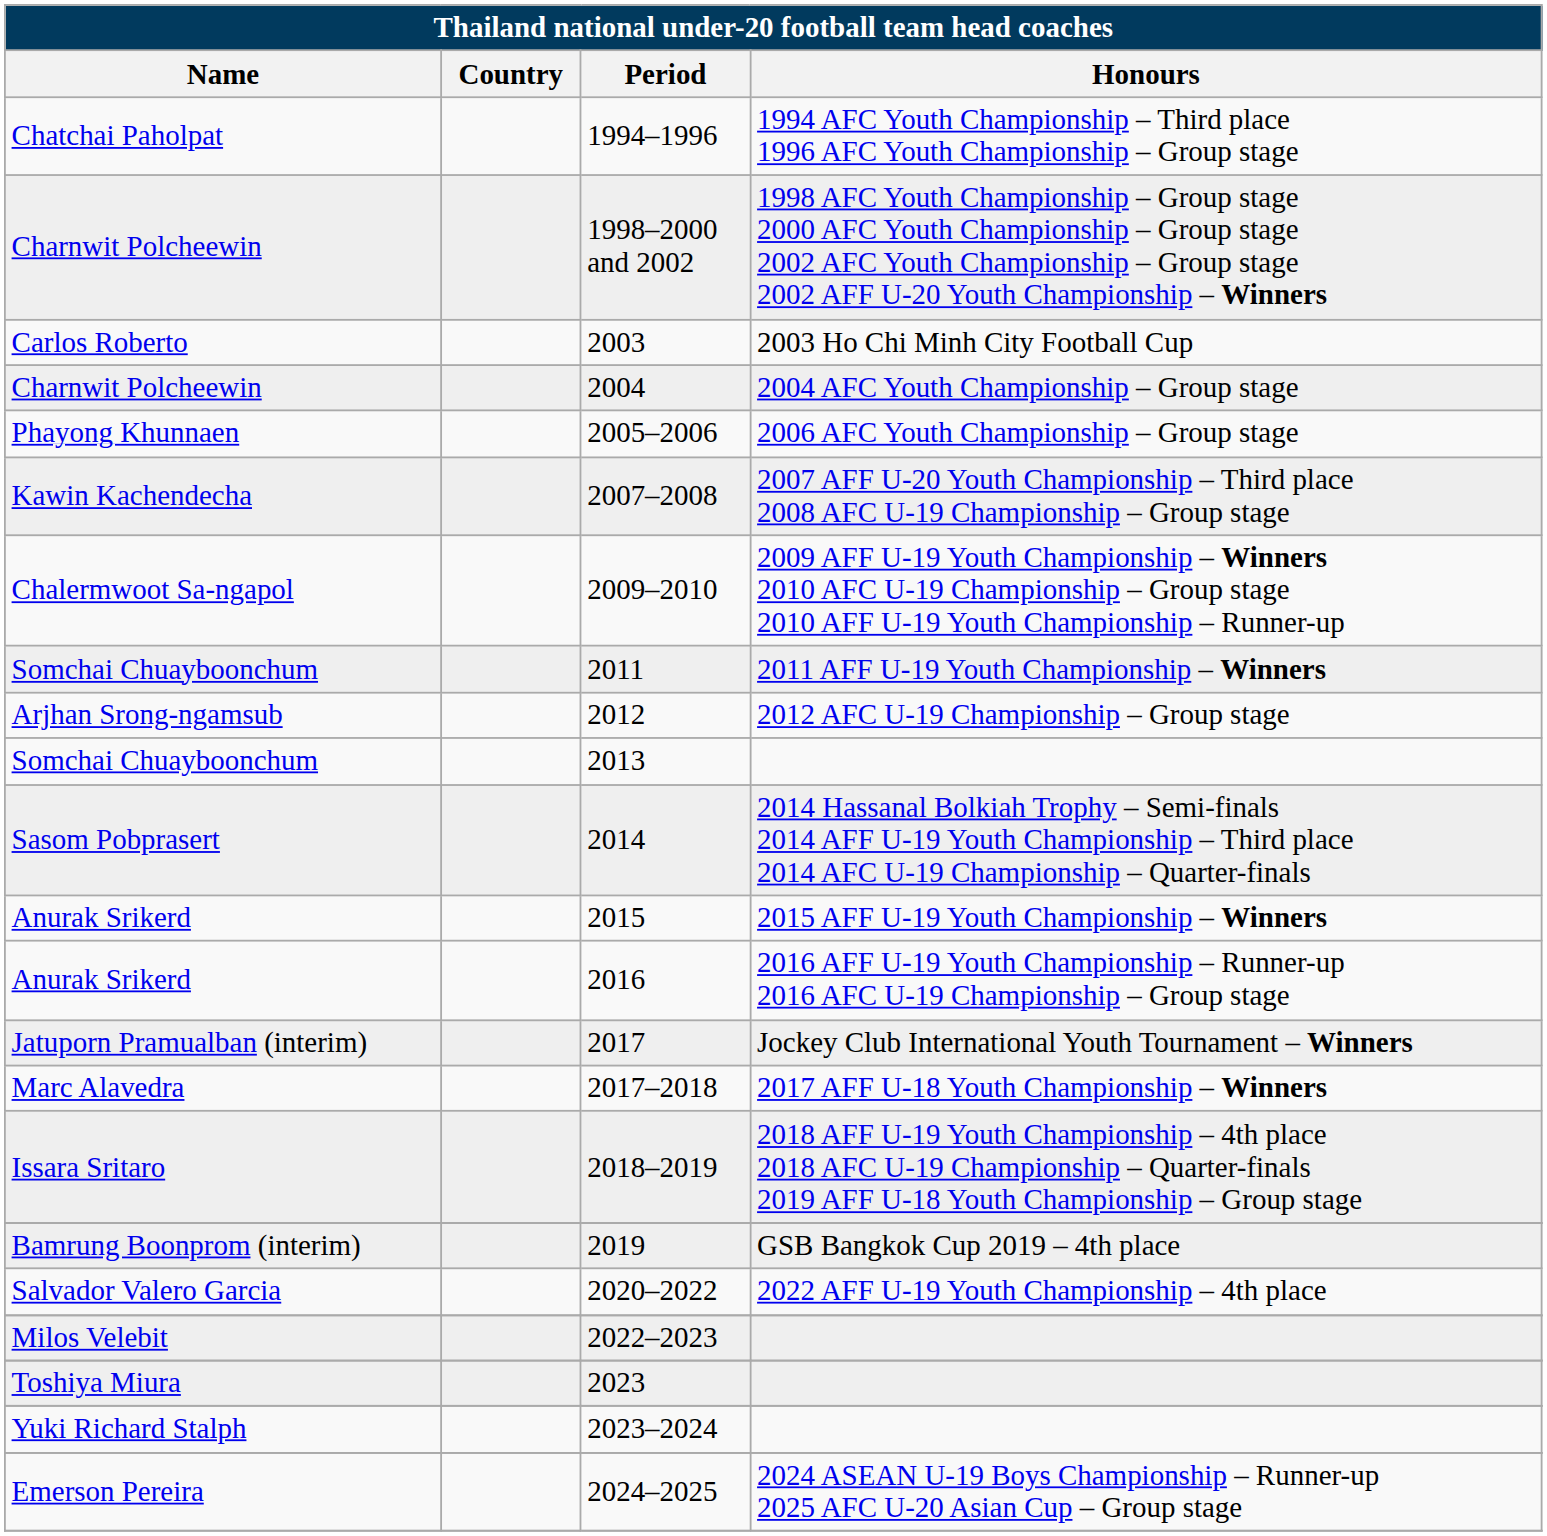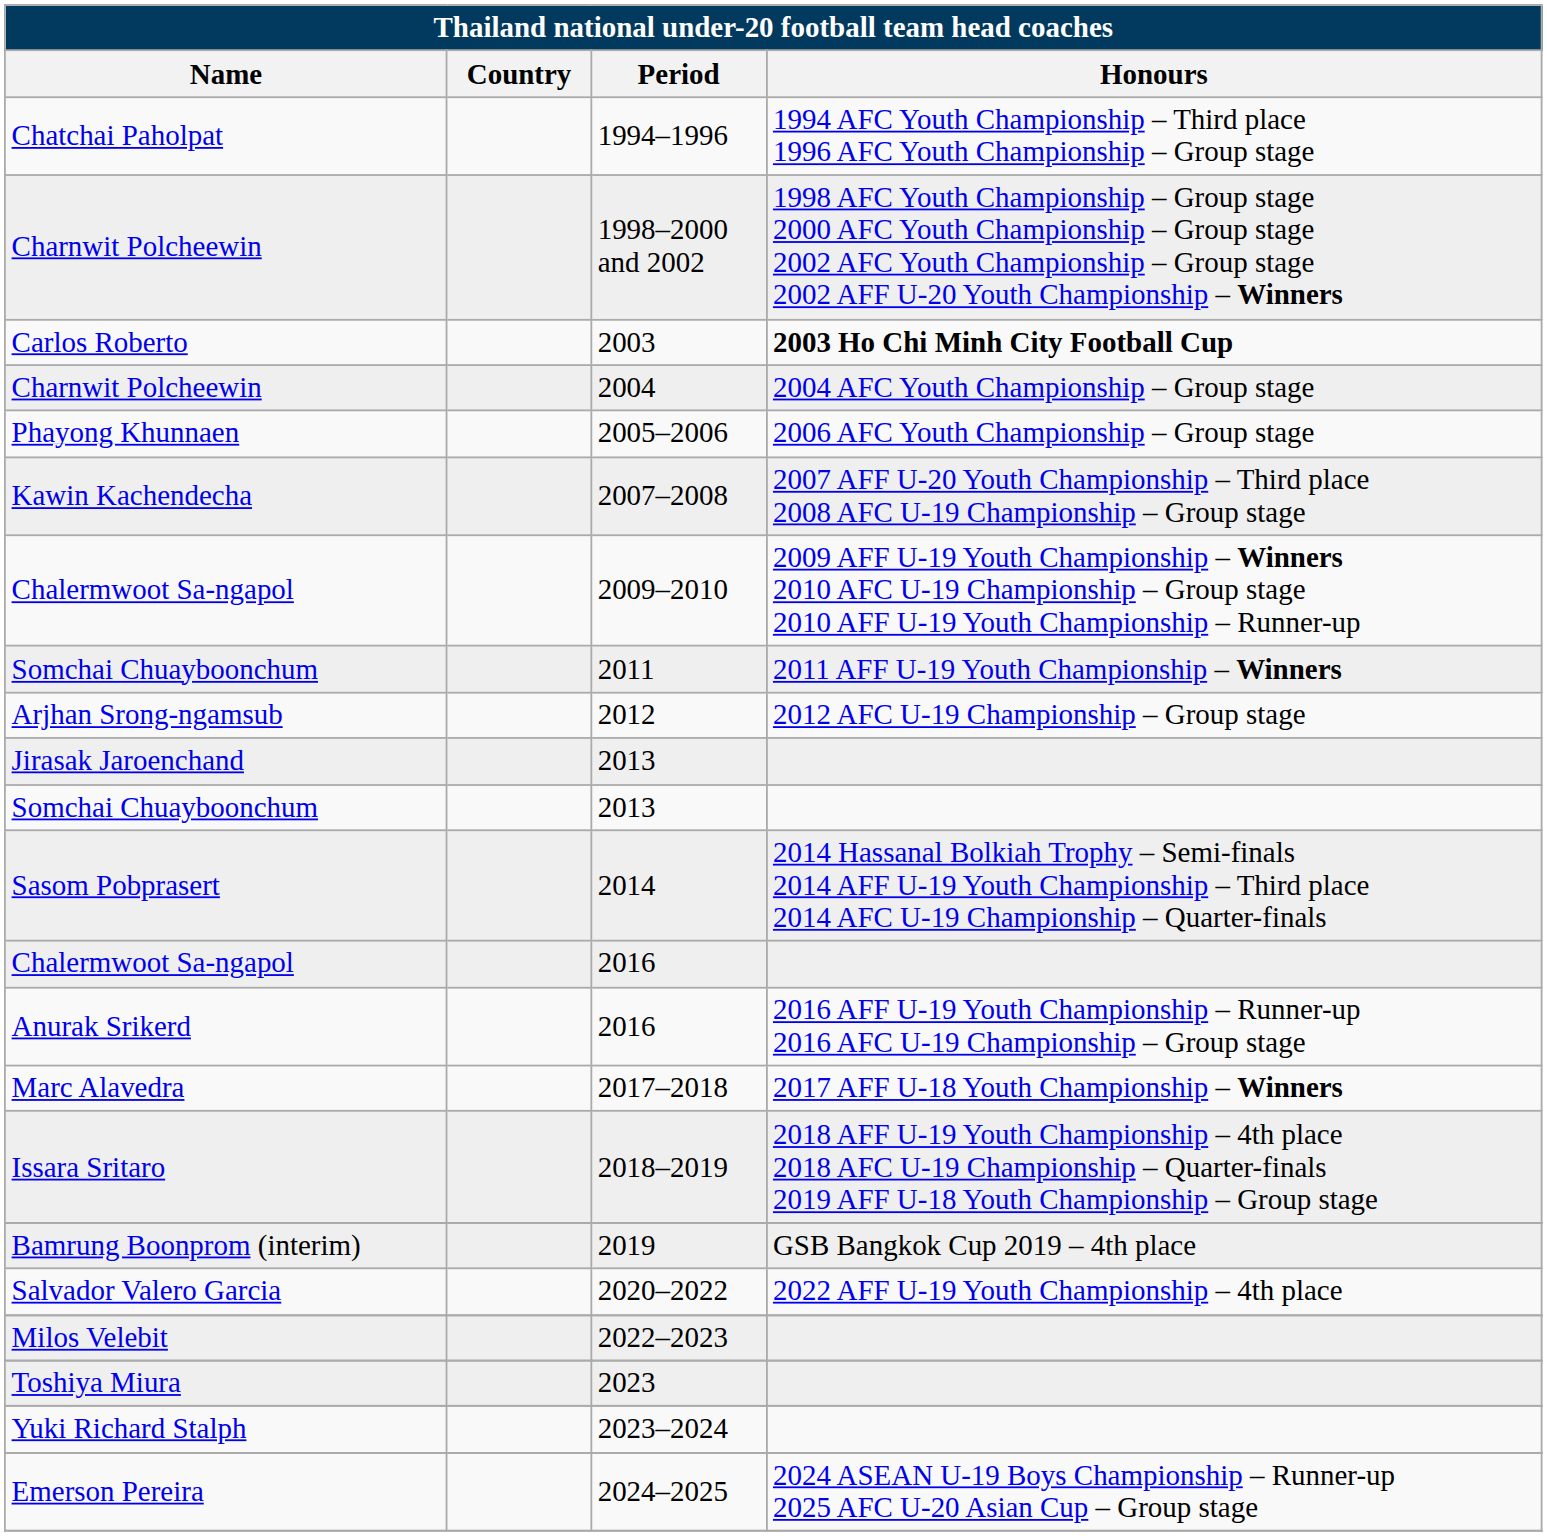 <table class="wikitable" style="width: 850px">
 <tr>
 <th colspan=4 style="background: #013A5E; color: #FFFFFF;">Thailand national under-20 football team head coaches</th>
 </tr>
 <tr>
 <th>Name</th>
 <th>Country</th>
 <th>Period</th>
 <th>Honours</th>
 </tr>
 <tr>
 <td><a href='#'>Chatchai Paholpat</a></td>
 <td></td>
 <td>1994–1996</td>
 <td><a href='#'>1994 AFC Youth Championship</a> – Third place <br> <a href='#'>1996 AFC Youth Championship</a> – Group stage</td>
 </tr>
 <tr bgcolor="#EFEFEF">
 <td><a href='#'>Charnwit Polcheewin</a></td>
 <td></td>
 <td>1998–2000 <br>and 2002</td>
 <td><a href='#'>1998 AFC Youth Championship</a> – Group stage <br> <a href='#'>2000 AFC Youth Championship</a> – Group stage <br> <a href='#'>2002 AFC Youth Championship</a> – Group stage <br> <a href='#'>2002 AFF U-20 Youth Championship</a> – <strong>Winners</strong></td>
 </tr>
 <tr>
 <td><a href='#'>Carlos Roberto</a></td>
 <td></td>
 <td>2003</td>
-<td>2003 Ho Chi Minh City Football Cup</td>
+<td><strong>2003 Ho Chi Minh City Football Cup</strong></td>
 </tr>
 <tr bgcolor="#EFEFEF">
 <td><a href='#'>Charnwit Polcheewin</a></td>
 <td></td>
 <td>2004</td>
 <td><a href='#'>2004 AFC Youth Championship</a> – Group stage</td>
 </tr>
 <tr>
 <td><a href='#'>Phayong Khunnaen</a></td>
 <td></td>
 <td>2005–2006</td>
 <td><a href='#'>2006 AFC Youth Championship</a> – Group stage</td>
 </tr>
 <tr bgcolor="#EFEFEF">
 <td><a href='#'>Kawin Kachendecha</a></td>
 <td></td>
 <td>2007–2008</td>
 <td><a href='#'>2007 AFF U-20 Youth Championship</a> – Third place <br> <a href='#'>2008 AFC U-19 Championship</a> – Group stage</td>
 </tr>
 <tr>
 <td><a href='#'>Chalermwoot Sa-ngapol</a></td>
 <td></td>
 <td>2009–2010</td>
 <td><a href='#'>2009 AFF U-19 Youth Championship</a> – <strong>Winners</strong> <br> <a href='#'>2010 AFC U-19 Championship</a> – Group stage <br> <a href='#'>2010 AFF U-19 Youth Championship</a> – Runner-up</td>
 </tr>
 <tr bgcolor="#EFEFEF">
 <td><a href='#'>Somchai Chuayboonchum</a></td>
 <td></td>
 <td>2011</td>
 <td><a href='#'>2011 AFF U-19 Youth Championship</a> – <strong>Winners</strong></td>
 </tr>
 <tr>
 <td><a href='#'>Arjhan Srong-ngamsub</a></td>
 <td></td>
 <td>2012</td>
 <td><a href='#'>2012 AFC U-19 Championship</a> – Group stage</td>
 </tr>
+<tr bgcolor="#EFEFEF">
+<td><a href='#'>Jirasak Jaroenchand</a></td>
+<td></td>
+<td>2013</td>
+<td></td>
+</tr>
 <tr>
 <td><a href='#'>Somchai Chuayboonchum</a></td>
 <td></td>
 <td>2013</td>
 <td></td>
 </tr>
 <tr bgcolor="#EFEFEF">
 <td><a href='#'>Sasom Pobprasert</a></td>
 <td></td>
 <td>2014</td>
 <td><a href='#'>2014 Hassanal Bolkiah Trophy</a> – Semi-finals <br> <a href='#'>2014 AFF U-19 Youth Championship</a> – Third place <br> <a href='#'>2014 AFC U-19 Championship</a> – Quarter-finals</td>
 </tr>
-<tr>
-<td><a href='#'>Anurak Srikerd</a></td>
+<tr bgcolor="#EFEFEF">
+<td><a href='#'>Chalermwoot Sa-ngapol</a></td>
 <td></td>
-<td>2015</td>
-<td><a href='#'>2015 AFF U-19 Youth Championship</a> – <strong>Winners</strong></td>
+<td>2016</td>
+<td></td>
 </tr>
 <tr>
 <td><a href='#'>Anurak Srikerd</a></td>
 <td></td>
 <td>2016</td>
 <td><a href='#'>2016 AFF U-19 Youth Championship</a> – Runner-up<br> <a href='#'>2016 AFC U-19 Championship</a> – Group stage</td>
-</tr>
-<tr bgcolor="#EFEFEF">
-<td><a href='#'>Jatuporn Pramualban</a> (interim)</td>
-<td></td>
-<td>2017</td>
-<td>Jockey Club International Youth Tournament – <strong>Winners</strong></td>
 </tr>
 <tr>
 <td><a href='#'>Marc Alavedra</a></td>
 <td></td>
 <td>2017–2018</td>
 <td><a href='#'>2017 AFF U-18 Youth Championship</a> – <strong>Winners</strong></td>
 </tr>
 <tr bgcolor="#EFEFEF">
 <td><a href='#'>Issara Sritaro</a></td>
 <td></td>
 <td>2018–2019</td>
 <td><a href='#'>2018 AFF U-19 Youth Championship</a>  – 4th place <br> <a href='#'>2018 AFC U-19 Championship</a> – Quarter-finals <br> <a href='#'>2019 AFF U-18 Youth Championship</a> – Group stage</td>
 </tr>
 <tr>
 </tr>
 <tr bgcolor="#EFEFEF">
 <td><a href='#'>Bamrung Boonprom</a> (interim)</td>
 <td></td>
 <td>2019</td>
 <td>GSB Bangkok Cup 2019 – 4th place</td>
 </tr>
 <tr>
 <td><a href='#'>Salvador Valero Garcia</a></td>
 <td></td>
 <td>2020–2022</td>
 <td><a href='#'>2022 AFF U-19 Youth Championship</a> – 4th place</td>
 </tr>
 <tr bgcolor="#EFEFEF">
 </tr>
 <tr>
 </tr>
 <tr bgcolor="#EFEFEF">
 <td><a href='#'>Milos Velebit</a></td>
 <td></td>
 <td>2022–2023</td>
 <td></td>
 </tr>
 <tr bgcolor="#EFEFEF">
 </tr>
 <tr>
 </tr>
 <tr bgcolor="#EFEFEF">
 <td><a href='#'>Toshiya Miura</a></td>
 <td></td>
 <td>2023</td>
 <td></td>
 </tr>
 <tr bgcolor="#EFEFEF">
 </tr>
 <tr>
 <td><a href='#'>Yuki Richard Stalph</a></td>
 <td></td>
 <td>2023–2024</td>
 <td></td>
 </tr>
 <tr bgcolor="#EFEFEF">
 </tr>
 <tr>
 <td><a href='#'>Emerson Pereira</a></td>
 <td></td>
 <td>2024–2025</td>
 <td><a href='#'>2024 ASEAN U-19 Boys Championship</a> – Runner-up <br> <a href='#'>2025 AFC U-20 Asian Cup</a> – Group stage</td>
 </tr>
 <tr bgcolor="#EFEFEF">
 </tr>
 <tr>
 </tr>
 </table>
